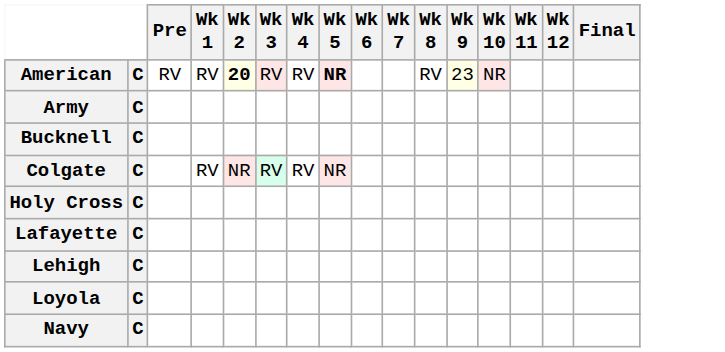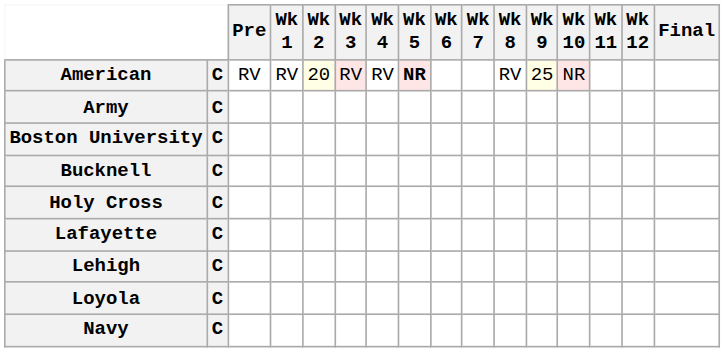 <table class="wikitable" style="white-space:nowrap;font-size:90%;">
 <tr>
 <th colspan=2 style="background:white; border-top-style:hidden; border-left-style:hidden;"> </th>
 <th>Pre</th>
 <th>Wk<br>1</th>
 <th>Wk<br>2</th>
 <th>Wk<br>3</th>
 <th>Wk<br>4</th>
 <th>Wk<br>5</th>
 <th>Wk<br>6</th>
 <th>Wk<br>7</th>
 <th>Wk<br>8</th>
 <th>Wk<br>9</th>
 <th>Wk<br>10</th>
 <th>Wk<br>11</th>
 <th>Wk<br>12</th>
 <th>Final</th>
 </tr>
 <tr style="text-align:center;">
 <th style="background:#">American</th>
 <th>C</th>
 <td style="background:#FFF;"> RV</td>
 <td style="background:#FFF;"> RV</td>
-<td style="background:#FFFFE6;"><strong> 20</strong></td>
+<td style="background:#FFFFE6;"> 20</td>
 <td style="background:#FFE6E6;"> RV</td>
 <td style="background:#FFF;"> RV</td>
 <td style="background:#FFE6E6;"><strong> NR</strong></td>
 <td style="background:#FFF;"></td>
 <td style="background:#FFF;"></td>
 <td style="background:#FFF;"> RV</td>
-<td style="background:#FFFFE6;"> 23</td>
+<td style="background:#FFFFE6;"> 25</td>
 <td style="background:#FFE6E6;"> NR</td>
 <td style="background:#FFF;"></td>
 <td style="background:#FFF;"></td>
 <td style="background:#FFF;"></td>
 </tr>
 <tr style="text-align:center;">
 <th style="background:#">Army</th>
+<th>C</th>
+<td style="background:#FFF;"></td>
+<td style="background:#FFF;"></td>
+<td style="background:#FFF;"></td>
+<td style="background:#FFF;"></td>
+<td style="background:#FFF;"></td>
+<td style="background:#FFF;"></td>
+<td style="background:#FFF;"></td>
+<td style="background:#FFF;"></td>
+<td style="background:#FFF;"></td>
+<td style="background:#FFF;"></td>
+<td style="background:#FFF;"></td>
+<td style="background:#FFF;"></td>
+<td style="background:#FFF;"></td>
+<td style="background:#FFF;"></td>
+</tr>
+<tr style="text-align:center;">
+<th style="background:#">Boston University</th>
 <th>C</th>
 <td style="background:#FFF;"></td>
 <td style="background:#FFF;"></td>
 <td style="background:#FFF;"></td>
 <td style="background:#FFF;"></td>
 <td style="background:#FFF;"></td>
 <td style="background:#FFF;"></td>
 <td style="background:#FFF;"></td>
 <td style="background:#FFF;"></td>
 <td style="background:#FFF;"></td>
 <td style="background:#FFF;"></td>
 <td style="background:#FFF;"></td>
 <td style="background:#FFF;"></td>
 <td style="background:#FFF;"></td>
 <td style="background:#FFF;"></td>
 </tr>
 <tr style="text-align:center;">
 <th style="background:#">Bucknell</th>
 <th>C</th>
 <td style="background:#FFF;"></td>
 <td style="background:#FFF;"></td>
 <td style="background:#FFF;"></td>
 <td style="background:#FFF;"></td>
 <td style="background:#FFF;"></td>
 <td style="background:#FFF;"></td>
-<td style="background:#FFF;"></td>
-<td style="background:#FFF;"></td>
-<td style="background:#FFF;"></td>
-<td style="background:#FFF;"></td>
-<td style="background:#FFF;"></td>
-<td style="background:#FFF;"></td>
-<td style="background:#FFF;"></td>
-<td style="background:#FFF;"></td>
-</tr>
-<tr style="text-align:center;">
-<th style="background:#">Colgate</th>
-<th>C</th>
-<td style="background:#FFF;"></td>
-<td style="background:#FFF;"> RV</td>
-<td style="background:#FFE6E6;"> NR</td>
-<td style="background:#D8FFEB;"> RV</td>
-<td style="background:#FFF;"> RV</td>
-<td style="background:#FFE6E6;"> NR</td>
 <td style="background:#FFF;"></td>
 <td style="background:#FFF;"></td>
 <td style="background:#FFF;"></td>
 <td style="background:#FFF;"></td>
 <td style="background:#FFF;"></td>
 <td style="background:#FFF;"></td>
 <td style="background:#FFF;"></td>
 <td style="background:#FFF;"></td>
 </tr>
 <tr style="text-align:center;">
 <th style="background:#">Holy Cross</th>
 <th>C</th>
 <td style="background:#FFF;"></td>
 <td style="background:#FFF;"></td>
 <td style="background:#FFF;"></td>
 <td style="background:#FFF;"></td>
 <td style="background:#FFF;"></td>
 <td style="background:#FFF;"></td>
 <td style="background:#FFF;"></td>
 <td style="background:#FFF;"></td>
 <td style="background:#FFF;"></td>
 <td style="background:#FFF;"></td>
 <td style="background:#FFF;"></td>
 <td style="background:#FFF;"></td>
 <td style="background:#FFF;"></td>
 <td style="background:#FFF;"></td>
 </tr>
 <tr style="text-align:center;">
 <th style="background:#">Lafayette</th>
 <th>C</th>
 <td style="background:#FFF;"></td>
 <td style="background:#FFF;"></td>
 <td style="background:#FFF;"></td>
 <td style="background:#FFF;"></td>
 <td style="background:#FFF;"></td>
 <td style="background:#FFF;"></td>
 <td style="background:#FFF;"></td>
 <td style="background:#FFF;"></td>
 <td style="background:#FFF;"></td>
 <td style="background:#FFF;"></td>
 <td style="background:#FFF;"></td>
 <td style="background:#FFF;"></td>
 <td style="background:#FFF;"></td>
 <td style="background:#FFF;"></td>
 </tr>
 <tr style="text-align:center;">
 <th style="background:#">Lehigh</th>
 <th>C</th>
 <td style="background:#FFF;"></td>
 <td style="background:#FFF;"></td>
 <td style="background:#FFF;"></td>
 <td style="background:#FFF;"></td>
 <td style="background:#FFF;"></td>
 <td style="background:#FFF;"></td>
 <td style="background:#FFF;"></td>
 <td style="background:#FFF;"></td>
 <td style="background:#FFF;"></td>
 <td style="background:#FFF;"></td>
 <td style="background:#FFF;"></td>
 <td style="background:#FFF;"></td>
 <td style="background:#FFF;"></td>
 <td style="background:#FFF;"></td>
 </tr>
 <tr style="text-align:center;">
 <th style="background:#">Loyola</th>
 <th>C</th>
 <td style="background:#FFF;"></td>
 <td style="background:#FFF;"></td>
 <td style="background:#FFF;"></td>
 <td style="background:#FFF;"></td>
 <td style="background:#FFF;"></td>
 <td style="background:#FFF;"></td>
 <td style="background:#FFF;"></td>
 <td style="background:#FFF;"></td>
 <td style="background:#FFF;"></td>
 <td style="background:#FFF;"></td>
 <td style="background:#FFF;"></td>
 <td style="background:#FFF;"></td>
 <td style="background:#FFF;"></td>
 <td style="background:#FFF;"></td>
 </tr>
 <tr style="text-align:center;">
 <th style="background:#">Navy</th>
 <th>C</th>
 <td style="background:#FFF;"></td>
 <td style="background:#FFF;"></td>
 <td style="background:#FFF;"></td>
 <td style="background:#FFF;"></td>
 <td style="background:#FFF;"></td>
 <td style="background:#FFF;"></td>
 <td style="background:#FFF;"></td>
 <td style="background:#FFF;"></td>
 <td style="background:#FFF;"></td>
 <td style="background:#FFF;"></td>
 <td style="background:#FFF;"></td>
 <td style="background:#FFF;"></td>
 <td style="background:#FFF;"></td>
 <td style="background:#FFF;"></td>
 </tr>
 </table>
